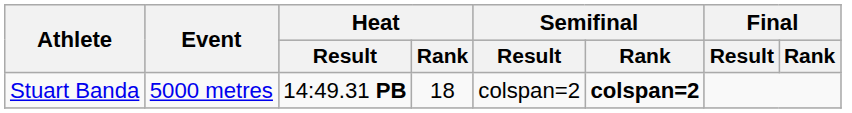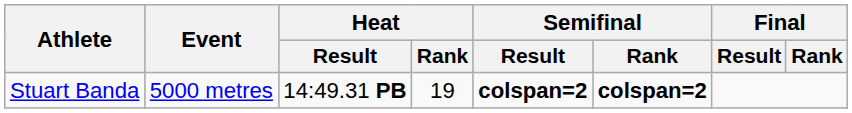 <table class="wikitable" style="font-size:90%">
 <tr>
 <th rowspan="2">Athlete</th>
 <th rowspan="2">Event</th>
 <th colspan="2">Heat</th>
 <th colspan="2">Semifinal</th>
 <th colspan="2">Final</th>
 </tr>
 <tr style="font-size:95%">
 <th>Result</th>
 <th>Rank</th>
 <th>Result</th>
 <th>Rank</th>
 <th>Result</th>
 <th>Rank</th>
 </tr>
 <tr style=text-align:center>
 <td style=text-align:left><a href='#'>Stuart Banda</a></td>
 <td style=text-align:left><a href='#'>5000 metres</a></td>
 <td>14:49.31 <strong>PB</strong></td>
-<td>18</td>
-<td>colspan=2 </td>
+<td>19</td>
+<td><strong>colspan=2 </strong></td>
 <td><strong>colspan=2 </strong></td>
 </tr>
 </table>
